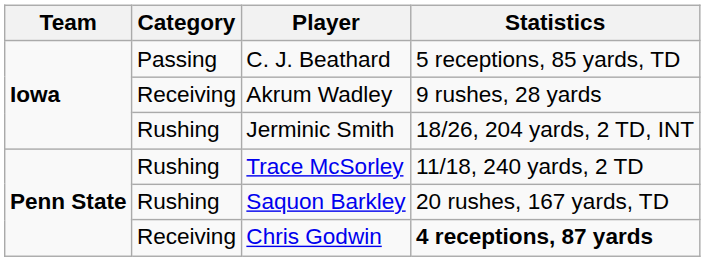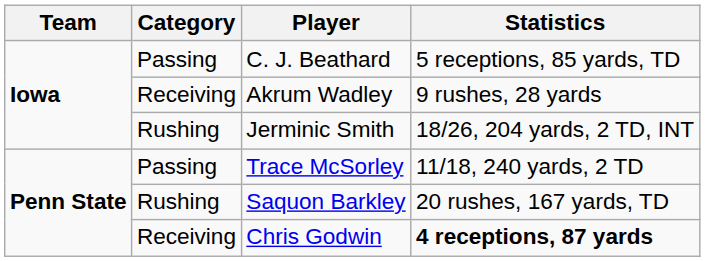 <table class="wikitable" style="float: left;">
 <tr>
 <th>Team</th>
 <th>Category</th>
 <th>Player</th>
 <th>Statistics</th>
 </tr>
 <tr>
 <td rowspan=3><strong>Iowa</strong></td>
 <td>Passing</td>
 <td>C. J. Beathard</td>
 <td>5 receptions, 85 yards, TD</td>
 </tr>
 <tr>
 <td>Receiving</td>
 <td>Akrum Wadley</td>
 <td>9 rushes, 28 yards</td>
 </tr>
 <tr>
 <td>Rushing</td>
 <td>Jerminic Smith</td>
 <td>18/26, 204 yards, 2 TD, INT</td>
 </tr>
 <tr>
 <td rowspan=3><strong>Penn State</strong></td>
-<td>Rushing</td>
+<td>Passing</td>
 <td><a href='#'>Trace McSorley</a></td>
 <td>11/18, 240 yards, 2 TD</td>
 </tr>
 <tr>
 <td>Rushing</td>
 <td><a href='#'>Saquon Barkley</a></td>
 <td>20 rushes, 167 yards, TD</td>
 </tr>
 <tr>
 <td>Receiving</td>
 <td><a href='#'>Chris Godwin</a></td>
 <td><strong>4 receptions, 87 yards</strong></td>
 </tr>
 </table>
